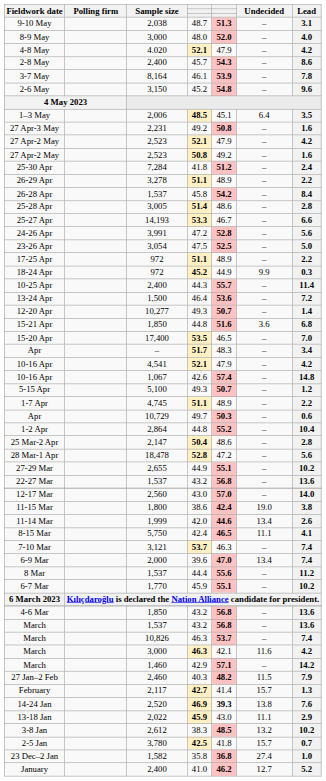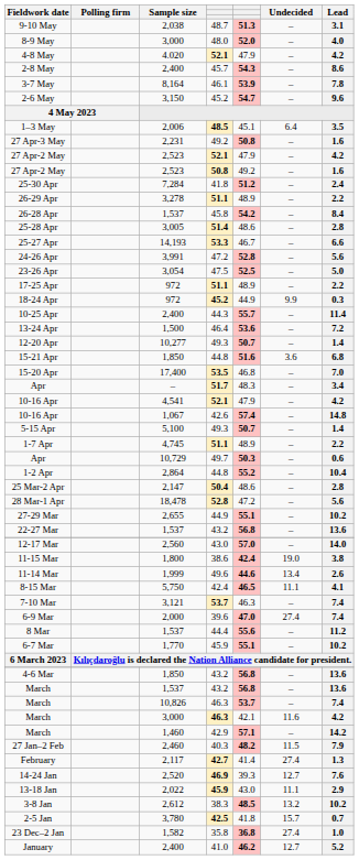 <table class="wikitable mw-datatable mw-collapsible" style="text-align:center; font-size:85%; line-height:14px;">
 <tr>
 <th rowspan="3">Fieldwork date</th>
 <th rowspan="3">Polling firm</th>
 <th rowspan="3">Sample size</th>
 <th></th>
 <th></th>
 <th rowspan="3">Undecided</th>
 <th rowspan="3">Lead</th>
 </tr>
 <tr>
 <th></th>
 <th></th>
 </tr>
 <tr>
 <th style="background:"></th>
 <th style="background:"></th>
 </tr>
 <tr>
 <td>9-10 May</td>
 <td></td>
 <td>2,038</td>
 <td>48.7</td>
 <td style="background:#FFC2C2"><strong>51.3</strong></td>
 <td>–</td>
 <th style="background:">3.1</th>
 </tr>
 <tr>
 <td>8-9 May</td>
 <td></td>
 <td>3,000</td>
 <td>48.0</td>
 <td style="background:#FFC2C2"><strong>52.0</strong></td>
 <td>–</td>
 <th style="background:">4.0</th>
 </tr>
 <tr>
 <td>4-8 May</td>
 <td></td>
 <td>4.020</td>
 <td style="background:#FFF1C4"><strong>52.1</strong></td>
 <td>47.9</td>
 <td>–</td>
 <th style="background:">4.2</th>
 </tr>
 <tr>
 <td>2-8 May</td>
 <td></td>
 <td>2,400</td>
 <td>45.7</td>
 <td style="background:#FFC2C2"><strong>54.3</strong></td>
 <td>–</td>
 <th style="background:">8.6</th>
 </tr>
 <tr>
 <td>3-7 May</td>
 <td></td>
 <td>8,164</td>
 <td>46.1</td>
 <td style="background:#FFC2C2"><strong>53.9</strong></td>
 <td>–</td>
 <th style="background:">7.8</th>
 </tr>
 <tr>
 <td>2-6 May</td>
 <td></td>
 <td>3,150</td>
 <td>45.2</td>
-<td style="background:#FFC2C2"><strong>54.8</strong></td>
+<td style="background:#FFC2C2"><strong>54.7</strong></td>
 <td>–</td>
 <th style="background:">9.6</th>
 </tr>
 <tr>
 <th colspan="2">4 May 2023</th>
 <td colspan="6" style="background: #EBEBEB"></td>
 </tr>
 <tr>
 <td>1–3 May</td>
 <td></td>
 <td>2,006</td>
 <td style="background:#FFF1C4"><strong>48.5</strong></td>
 <td>45.1</td>
 <td>6.4</td>
 <th style="background:">3.5</th>
 </tr>
 <tr>
 <td>27 Apr-3 May</td>
 <td></td>
 <td>2,231</td>
 <td>49.2</td>
 <td style="background:#FFC2C2"><strong>50.8</strong></td>
 <td>–</td>
 <th style="background:">1.6</th>
 </tr>
 <tr>
 <td>27 Apr-2 May</td>
 <td></td>
 <td>2,523</td>
 <td style="background:#FFF1C4"><strong>52.1</strong></td>
 <td>47.9</td>
 <td>–</td>
 <th style="background:">4.2</th>
 </tr>
 <tr>
 <td>27 Apr-2 May</td>
 <td></td>
 <td>2,523</td>
 <td style="background:#FFF1C4"><strong>50.8</strong></td>
 <td>49.2</td>
 <td>–</td>
 <th style="background:">1.6</th>
 </tr>
 <tr>
 <td>25-30 Apr</td>
 <td></td>
 <td>7,284</td>
 <td>41.8</td>
 <td style="background:#FFC2C2"><strong>51.2</strong></td>
 <td>–</td>
 <th style="background:">2.4</th>
 </tr>
 <tr>
 <td>26-29 Apr</td>
 <td></td>
 <td>3,278</td>
 <td style="background:#FFF1C4"><strong>51.1</strong></td>
 <td>48.9</td>
 <td>–</td>
 <th style="background:">2.2</th>
 </tr>
 <tr>
 <td>26-28 Apr</td>
 <td></td>
 <td>1,537</td>
 <td>45.8</td>
 <td style="background:#FFC2C2"><strong>54.2</strong></td>
 <td>–</td>
 <th style="background:">8.4</th>
 </tr>
 <tr>
 <td>25-28 Apr</td>
 <td></td>
 <td>3,005</td>
 <td style="background:#FFF1C4"><strong>51.4</strong></td>
 <td>48.6</td>
 <td>–</td>
 <th style="background:">2.8</th>
 </tr>
 <tr>
 <td>25-27 Apr</td>
 <td></td>
 <td>14,193</td>
 <td style="background:#FFF1C4"><strong>53.3</strong></td>
 <td>46.7</td>
 <td>–</td>
 <th style="background:">6.6</th>
 </tr>
 <tr>
 <td>24-26 Apr</td>
 <td></td>
 <td>3,991</td>
 <td>47.2</td>
 <td style="background:#FFC2C2"><strong>52.8</strong></td>
 <td>–</td>
 <th style="background:">5.6</th>
 </tr>
 <tr>
 <td>23-26 Apr</td>
 <td></td>
 <td>3,054</td>
 <td>47.5</td>
 <td style="background:#FFC2C2"><strong>52.5</strong></td>
 <td>–</td>
 <th style="background:">5.0</th>
 </tr>
 <tr>
 <td>17-25 Apr</td>
 <td></td>
 <td>972</td>
 <td style="background:#FFF1C4"><strong>51.1</strong></td>
 <td>48.9</td>
 <td>–</td>
 <th style="background:">2.2</th>
 </tr>
 <tr>
 <td>18-24 Apr</td>
 <td></td>
 <td>972</td>
 <td style="background:#FFF1C4"><strong>45.2</strong></td>
 <td>44.9</td>
 <td>9.9</td>
 <th style="background:">0.3</th>
 </tr>
 <tr>
 <td>10-25 Apr</td>
 <td></td>
 <td>2,400</td>
 <td>44.3</td>
 <td style="background:#FFC2C2"><strong>55.7</strong></td>
 <td>–</td>
 <th style="background:">11.4</th>
 </tr>
 <tr>
 <td>13-24 Apr</td>
 <td></td>
 <td>1,500</td>
 <td>46.4</td>
 <td style="background:#FFC2C2"><strong>53.6</strong></td>
 <td>–</td>
 <th style="background:">7.2</th>
 </tr>
 <tr>
 <td>12-20 Apr</td>
 <td></td>
 <td>10,277</td>
 <td>49.3</td>
 <td style="background:#FFC2C2"><strong>50.7</strong></td>
 <td>–</td>
 <th style="background:">1.4</th>
 </tr>
 <tr>
 <td>15-21 Apr</td>
 <td></td>
 <td>1,850</td>
 <td>44.8</td>
 <td style="background:#FFC2C2"><strong>51.6</strong></td>
 <td>3.6</td>
 <th style="background:">6.8</th>
 </tr>
 <tr>
 <td>15-20 Apr</td>
 <td></td>
 <td>17,400</td>
 <td style="background:#FFF1C4"><strong>53.5</strong></td>
-<td>46.5</td>
+<td>46.8</td>
 <td>–</td>
 <th style="background:">7.0</th>
 </tr>
 <tr>
 <td>Apr</td>
 <td></td>
 <td>–</td>
 <td style="background:#FFF1C4"><strong>51.7</strong></td>
 <td>48.3</td>
 <td>–</td>
 <th style="background:">3.4</th>
 </tr>
 <tr>
 <td>10-16 Apr</td>
 <td></td>
 <td>4,541</td>
 <td style="background:#FFF1C4"><strong>52.1</strong></td>
 <td>47.9</td>
 <td>–</td>
 <th style="background:">4.2</th>
 </tr>
 <tr>
 <td>10-16 Apr</td>
 <td></td>
 <td>1,067</td>
 <td>42.6</td>
 <td style="background:#FFC2C2"><strong>57.4</strong></td>
 <td>–</td>
 <th style="background:">14.8</th>
 </tr>
 <tr>
 <td>5-15 Apr</td>
 <td></td>
 <td>5,100</td>
 <td>49.3</td>
 <td style="background:#FFC2C2"><strong>50.7</strong></td>
 <td>–</td>
-<th style="background:">1.2</th>
+<th style="background:">1.4</th>
 </tr>
 <tr>
 <td>1-7 Apr</td>
 <td></td>
 <td>4,745</td>
 <td style="background:#FFF1C4"><strong>51.1</strong></td>
 <td>48.9</td>
 <td>–</td>
 <th style="background:">2.2</th>
 </tr>
 <tr>
 <td>Apr</td>
 <td></td>
 <td>10,729</td>
 <td>49.7</td>
 <td style="background:#FFC2C2"><strong>50.3</strong></td>
 <td>–</td>
 <th style="background:">0.6</th>
 </tr>
 <tr>
 <td>1-2 Apr</td>
 <td></td>
 <td>2,864</td>
 <td>44.8</td>
 <td style="background:#FFC2C2"><strong>55.2</strong></td>
 <td>–</td>
 <th style="background:">10.4</th>
 </tr>
 <tr>
 <td>25 Mar-2 Apr</td>
 <td></td>
 <td>2,147</td>
 <td style="background:#FFF1C4"><strong>50.4</strong></td>
 <td>48.6</td>
 <td>–</td>
 <th style="background:">2.8</th>
 </tr>
 <tr>
 <td>28 Mar-1 Apr</td>
 <td></td>
 <td>18,478</td>
 <td style="background:#FFF1C4"><strong>52.8</strong></td>
 <td>47.2</td>
 <td>–</td>
 <th style="background:">5.6</th>
 </tr>
 <tr>
 <td>27-29 Mar</td>
 <td></td>
 <td>2,655</td>
 <td>44.9</td>
 <td style="background:#FFC2C2"><strong>55.1</strong></td>
 <td>–</td>
 <th style="background:">10.2</th>
 </tr>
 <tr>
 <td>22-27 Mar</td>
 <td></td>
 <td>1,537</td>
 <td>43.2</td>
 <td style="background:#FFC2C2"><strong>56.8</strong></td>
 <td>–</td>
 <th style="background:">13.6</th>
 </tr>
 <tr>
 </tr>
 <tr>
 <td>12-17 Mar</td>
 <td></td>
 <td>2,560</td>
 <td>43.0</td>
 <td style="background:#FFC2C2"><strong>57.0</strong></td>
 <td>–</td>
 <th style="background:">14.0</th>
 </tr>
 <tr>
 <td>11-15 Mar</td>
 <td></td>
 <td>1,800</td>
 <td>38.6</td>
 <td style="background:#FFC2C2"><strong>42.4</strong></td>
 <td>19.0</td>
 <th style="background:">3.8</th>
 </tr>
 <tr>
 <td>11-14 Mar</td>
 <td></td>
 <td>1,999</td>
-<td>42.0</td>
+<td>49.6</td>
 <td style="background:#FFC2C2"><strong>44.6</strong></td>
 <td>13.4</td>
 <th style="background:">2.6</th>
 </tr>
 <tr>
 <td>8-15 Mar</td>
 <td></td>
 <td>5,750</td>
 <td>42.4</td>
 <td style="background:#FFC2C2"><strong>46.5</strong></td>
 <td>11.1</td>
 <th style="background:">4.1</th>
 </tr>
 <tr>
 <td>7-10 Mar</td>
 <td></td>
 <td>3,121</td>
 <td style="background:#FFF1C4"><strong>53.7</strong></td>
 <td>46.3</td>
 <td>–</td>
 <th style="background:">7.4</th>
 </tr>
 <tr>
 <td>6-9 Mar</td>
 <td></td>
 <td>2,000</td>
 <td>39.6</td>
 <td style="background:#FFC2C2"><strong>47.0</strong></td>
-<td>13.4</td>
+<td>27.4</td>
 <th style="background:">7.4</th>
 </tr>
 <tr>
 <td>8 Mar</td>
 <td></td>
 <td>1,537</td>
 <td>44.4</td>
 <td style="background:#FFC2C2"><strong>55.6</strong></td>
 <td>–</td>
 <th style="background:">11.2</th>
 </tr>
 <tr>
 <td>6-7 Mar</td>
 <td></td>
 <td>1,770</td>
 <td>45.9</td>
 <td style="background:#FFC2C2"><strong>55.1</strong></td>
 <td>–</td>
 <th style="background:">10.2</th>
 </tr>
 <tr>
 <th colspan="1">6 March 2023</th>
 <th colspan="12"><a href='#'>Kılıçdaroğlu</a> is declared the <a href='#'>Nation Alliance</a> candidate for president.</th>
 </tr>
 <tr>
 </tr>
 <tr>
 <td>4-6 Mar</td>
 <td></td>
 <td>1,850</td>
 <td>43.2</td>
 <td style="background:#FFC2C2"><strong>56.8</strong></td>
 <td>–</td>
 <th style="background:">13.6</th>
 </tr>
 <tr>
 <td>March</td>
 <td></td>
 <td>1,537</td>
 <td>43.2</td>
 <td style="background:#FFC2C2"><strong>56.8</strong></td>
 <td>–</td>
 <th style="background:">13.6</th>
 </tr>
 <tr>
 <td>March</td>
 <td></td>
 <td>10,826</td>
 <td>46.3</td>
 <td style="background:#FFC2C2"><strong>53.7</strong></td>
 <td>–</td>
 <th style="background:">7.4</th>
 </tr>
 <tr>
 <td>March</td>
 <td></td>
 <td>3,000</td>
 <td style="background:#FFF1C4"><strong>46.3</strong></td>
 <td>42.1</td>
 <td>11.6</td>
 <th style="background:">4.2</th>
 </tr>
 <tr>
 <td>March</td>
 <td></td>
 <td>1,460</td>
 <td>42.9</td>
 <td style="background:#FFC2C2"><strong>57.1</strong></td>
 <td>–</td>
 <th style="background:">14.2</th>
 </tr>
 <tr>
 <td>27 Jan–2 Feb</td>
 <td></td>
 <td>2,460</td>
 <td>40.3</td>
 <td style="background:#FFC2C2"><strong>48.2</strong></td>
 <td>11.5</td>
 <th style="background:">7.9</th>
 </tr>
 <tr>
 <td>February</td>
 <td></td>
 <td>2,117</td>
 <td style="background:#FFF1C4"><strong>42.7</strong></td>
 <td>41.4</td>
-<td>15.7</td>
+<td>27.4</td>
 <th style="background:">1.3</th>
 </tr>
 <tr>
 <td>14-24 Jan</td>
 <td></td>
 <td>2,520</td>
 <td style="background:#FFF1C4"><strong>46.9</strong></td>
-<td><strong>39.3</strong></td>
-<td>13.8</td>
+<td>39.3</td>
+<td>12.7</td>
 <th style="background:">7.6</th>
 </tr>
 <tr>
 <td>13-18 Jan</td>
 <td></td>
 <td>2,022</td>
 <td style="background:#FFF1C4"><strong>45.9</strong></td>
 <td>43.0</td>
 <td>11.1</td>
 <th style="background:">2.9</th>
 </tr>
 <tr>
 <td>3-8 Jan</td>
 <td></td>
 <td>2,612</td>
 <td>38.3</td>
 <td style="background:#FFC2C2"><strong>48.5</strong></td>
 <td>13.2</td>
 <th style="background:">10.2</th>
 </tr>
 <tr>
 <td>2-5 Jan</td>
 <td></td>
 <td>3,780</td>
 <td style="background:#FFF1C4"><strong>42.5</strong></td>
 <td>41.8</td>
 <td>15.7</td>
 <th style="background:">0.7</th>
 </tr>
 <tr>
 <td>23 Dec–2 Jan</td>
 <td></td>
 <td>1,582</td>
 <td>35.8</td>
 <td style="background:#FFC2C2"><strong>36.8</strong></td>
 <td>27.4</td>
 <th style="background:">1.0</th>
 </tr>
 <tr>
 <td>January</td>
 <td></td>
 <td>2,400</td>
 <td>41.0</td>
 <td style="background:#FFC2C2"><strong>46.2</strong></td>
 <td>12.7</td>
 <th style="background:">5.2</th>
 </tr>
 </table>
